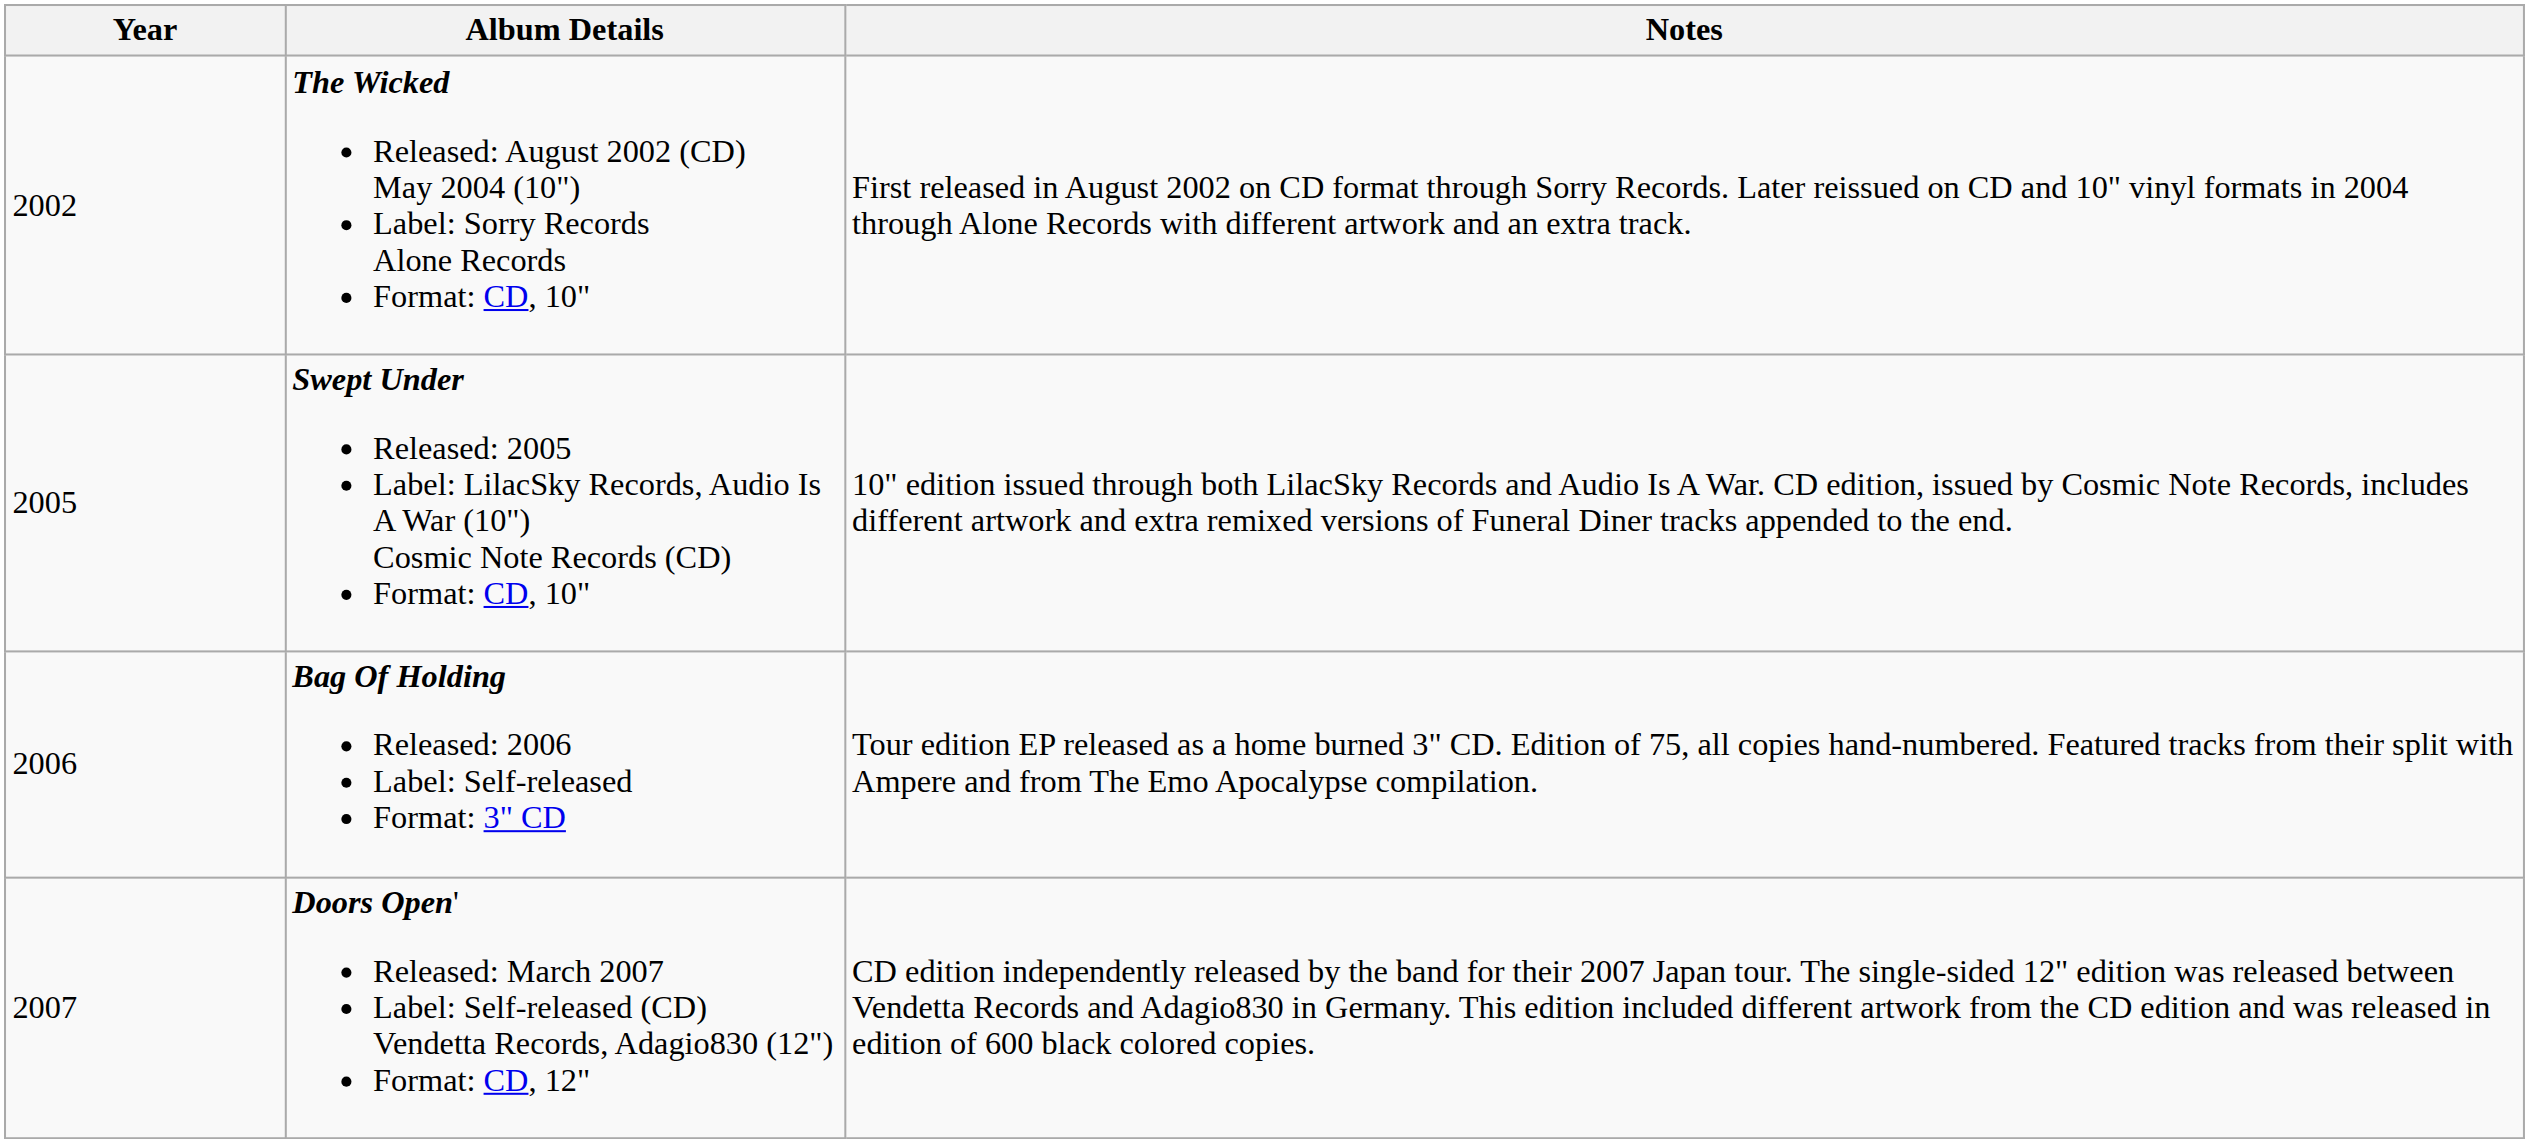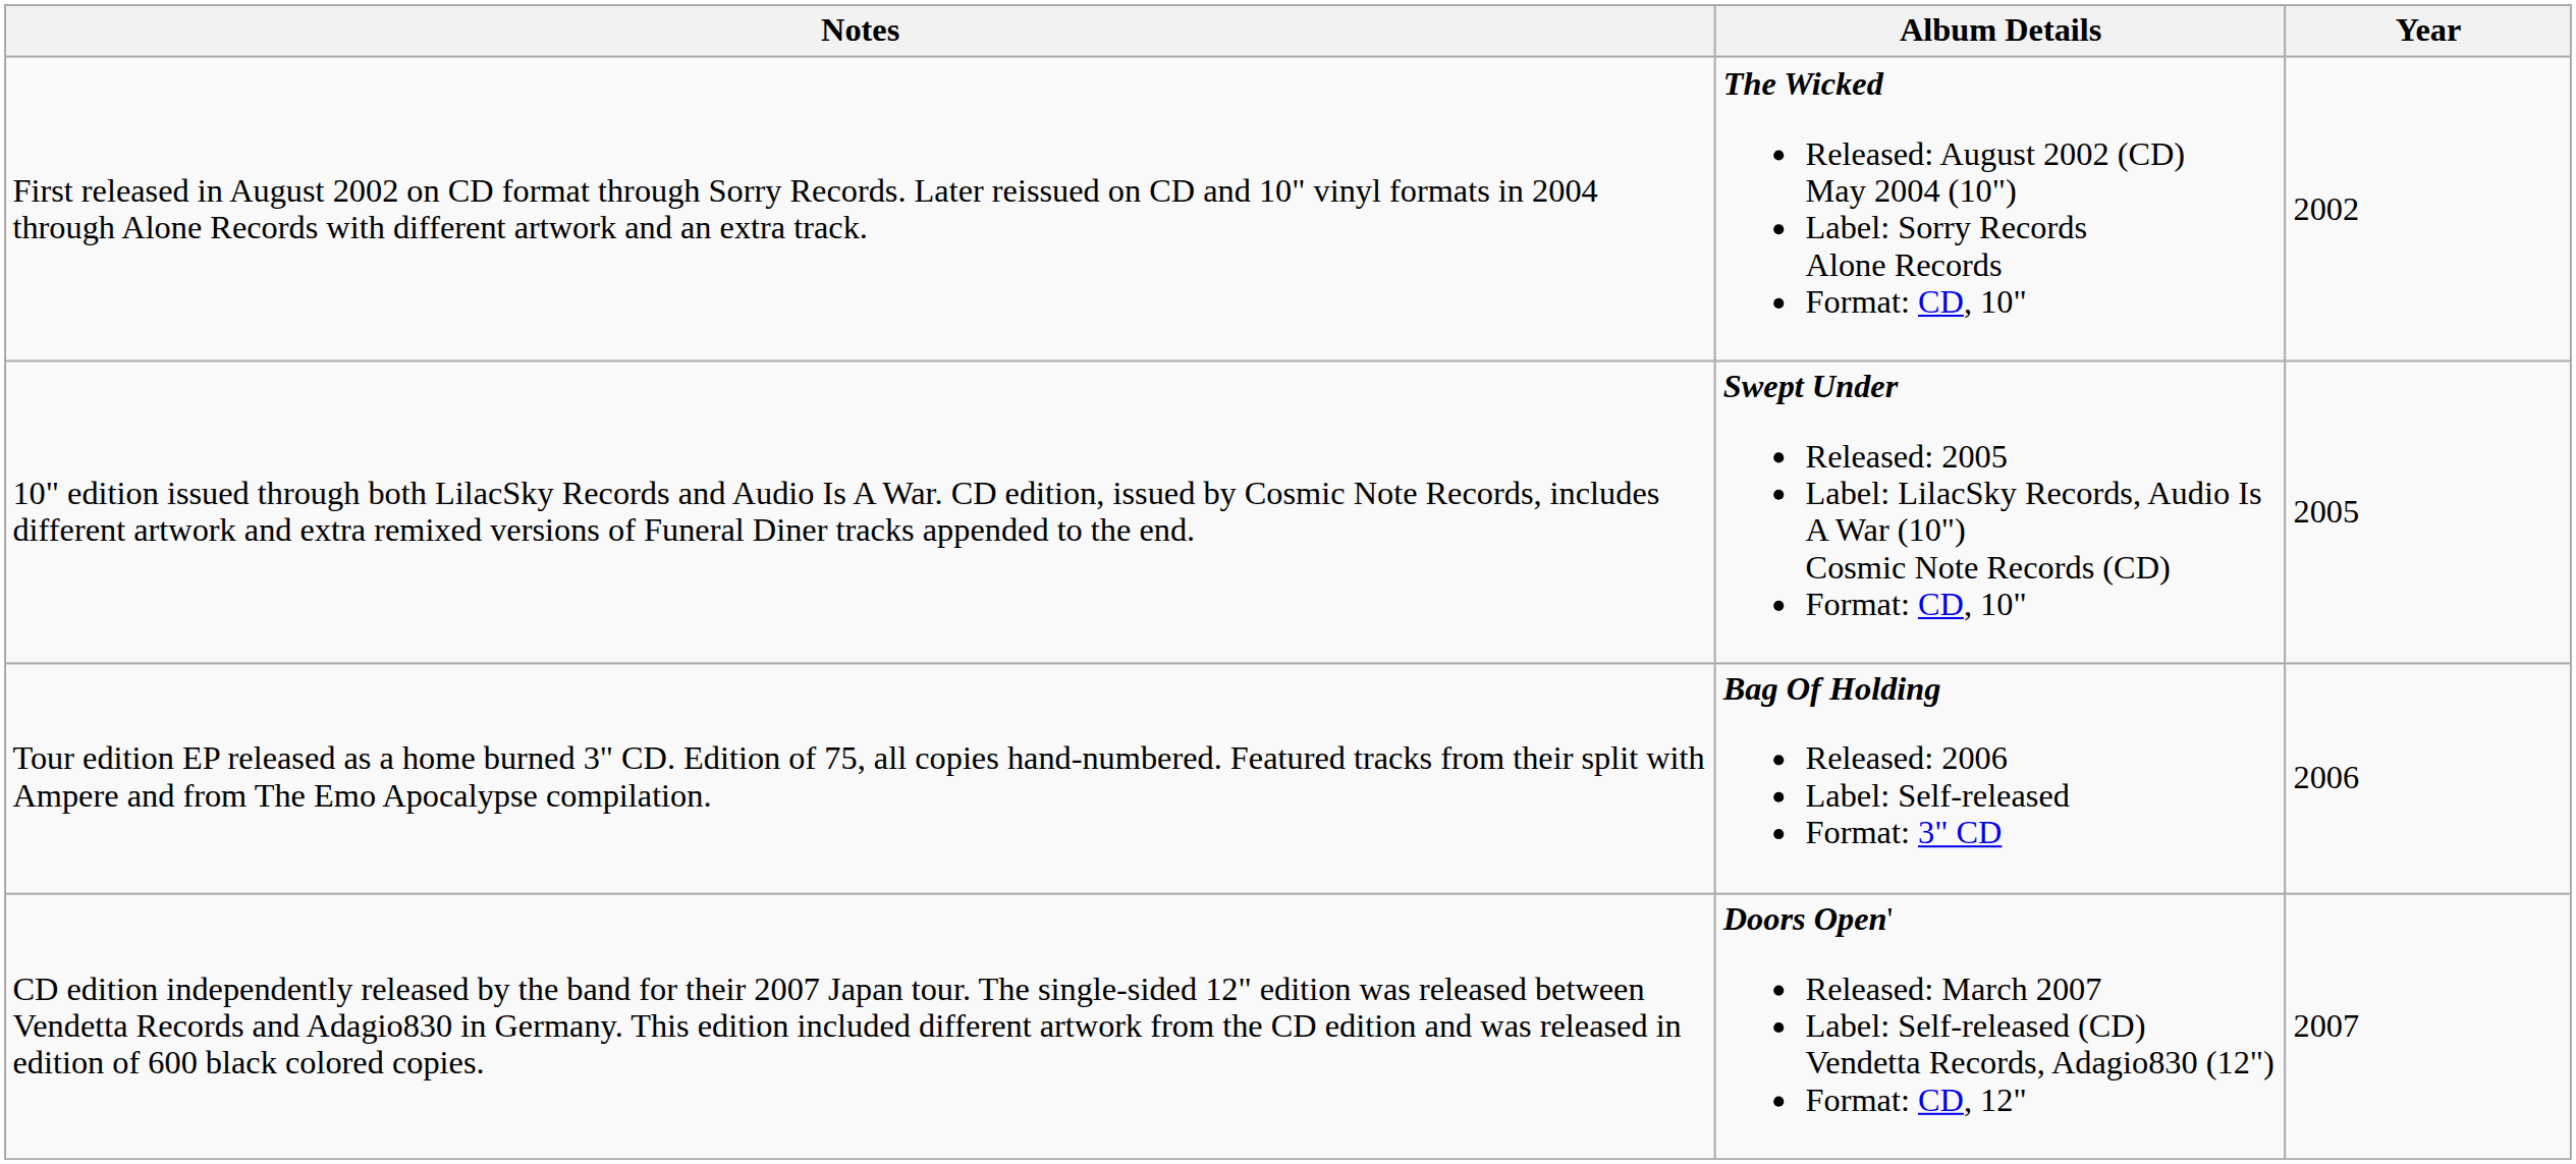 <table class ="wikitable">
 <tr>
+<th style="width:30%">Notes</th>
+<th style="width:10%">Album Details</th>
 <th style="width: 5%">Year</th>
-<th style="width:10%">Album Details</th>
-<th style="width:30%">Notes</th>
 </tr>
 <tr>
+<td>First released in August 2002 on CD format through Sorry Records. Later reissued on CD and 10" vinyl formats in 2004 through Alone Records with different artwork and an extra track.</td>
+<td><strong><em>The Wicked</em></strong><br><ul><li>Released: August 2002 (CD) <br> May 2004 (10")</li><li>Label: Sorry Records <br> Alone Records</li><li>Format: <a href='#'>CD</a>, 10"</li></ul></td>
 <td>2002</td>
-<td><strong><em>The Wicked</em></strong><br><ul><li>Released: August 2002 (CD) <br> May 2004 (10")</li><li>Label: Sorry Records <br> Alone Records</li><li>Format: <a href='#'>CD</a>, 10"</li></ul></td>
-<td>First released in August 2002 on CD format through Sorry Records. Later reissued on CD and 10" vinyl formats in 2004 through Alone Records with different artwork and an extra track.</td>
 </tr>
 <tr>
+<td>10" edition issued through both LilacSky Records and Audio Is A War. CD edition, issued by Cosmic Note Records, includes different artwork and extra remixed versions of Funeral Diner tracks appended to the end.</td>
+<td><strong><em>Swept Under</em></strong><br><ul><li>Released: 2005</li><li>Label: LilacSky Records, Audio Is A War (10") <br> Cosmic Note Records (CD)</li><li>Format: <a href='#'>CD</a>, 10"</li></ul></td>
 <td>2005</td>
-<td><strong><em>Swept Under</em></strong><br><ul><li>Released: 2005</li><li>Label: LilacSky Records, Audio Is A War (10") <br> Cosmic Note Records (CD)</li><li>Format: <a href='#'>CD</a>, 10"</li></ul></td>
-<td>10" edition issued through both LilacSky Records and Audio Is A War. CD edition, issued by Cosmic Note Records, includes different artwork and extra remixed versions of Funeral Diner tracks appended to the end.</td>
 </tr>
 <tr>
+<td>Tour edition EP released as a home burned 3" CD. Edition of 75, all copies hand-numbered. Featured tracks from their split with Ampere and from The Emo Apocalypse compilation.</td>
+<td><strong><em>Bag Of Holding</em></strong><br><ul><li>Released: 2006</li><li>Label: Self-released</li><li>Format: <a href='#'>3" CD</a></li></ul></td>
 <td>2006</td>
-<td><strong><em>Bag Of Holding</em></strong><br><ul><li>Released: 2006</li><li>Label: Self-released</li><li>Format: <a href='#'>3" CD</a></li></ul></td>
-<td>Tour edition EP released as a home burned 3" CD. Edition of 75, all copies hand-numbered. Featured tracks from their split with Ampere and from The Emo Apocalypse compilation.</td>
 </tr>
 <tr>
+<td>CD edition independently released by the band for their 2007 Japan tour. The single-sided 12" edition was released between Vendetta Records and Adagio830 in Germany. This edition included different artwork from the CD edition and was released in edition of 600 black colored copies.</td>
+<td><strong><em>Doors Open</em></strong>'<br><ul><li>Released: March 2007</li><li>Label: Self-released (CD) <br> Vendetta Records, Adagio830 (12")</li><li>Format: <a href='#'>CD</a>, 12"</li></ul></td>
 <td>2007</td>
-<td><strong><em>Doors Open</em></strong>'<br><ul><li>Released: March 2007</li><li>Label: Self-released (CD) <br> Vendetta Records, Adagio830 (12")</li><li>Format: <a href='#'>CD</a>, 12"</li></ul></td>
-<td>CD edition independently released by the band for their 2007 Japan tour. The single-sided 12" edition was released between Vendetta Records and Adagio830 in Germany. This edition included different artwork from the CD edition and was released in edition of 600 black colored copies.</td>
 </tr>
 </table>
